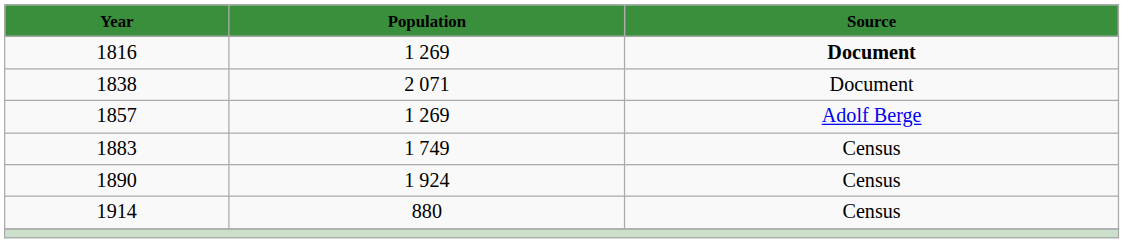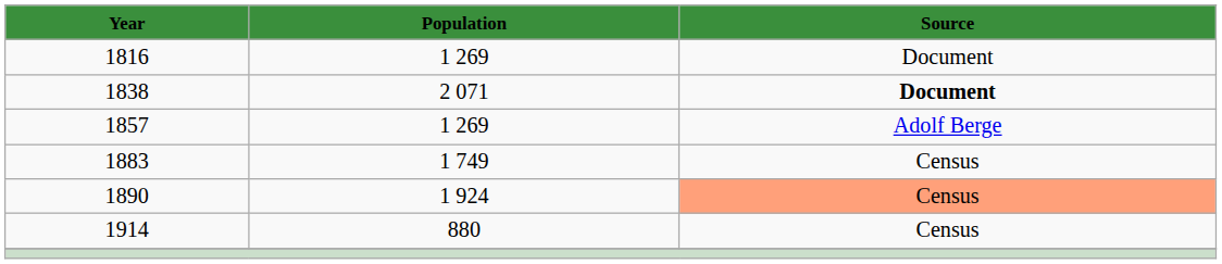 <table class="wikitable" style="width:70%; text-align:center;">
 <tr style="background: #3A8F3C; text-align: center">
 <td><small><span><strong>Year</strong></span></small></td>
 <td><small><span><strong>Population</strong></span></small></td>
 <td><small><span><strong>Source</strong></span></small></td>
 </tr>
 <tr>
 <td>1816</td>
 <td>1 269</td>
-<td><strong>Document</strong></td>
+<td>Document</td>
 </tr>
 <tr>
 <td>1838</td>
 <td>2 071</td>
-<td>Document</td>
+<td><strong>Document</strong></td>
 </tr>
 <tr>
 <td>1857</td>
 <td>1 269</td>
 <td><a href='#'>Adolf Berge</a></td>
 </tr>
 <tr>
 <td>1883</td>
 <td>1 749</td>
 <td>Census</td>
 </tr>
 <tr>
 <td>1890</td>
 <td>1 924</td>
-<td>Census</td>
+<td style="background: lightsalmon;">Census</td>
 </tr>
 <tr>
 <td>1914</td>
 <td>880</td>
 <td>Census</td>
 </tr>
 <tr>
 </tr>
 <tr style="background: #3A8F3B3D">
 <td colspan="78"></td>
 </tr>
 </table>
